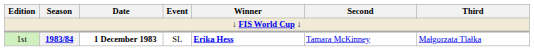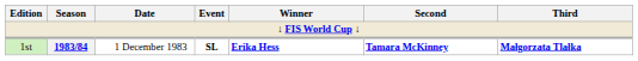 <table class="wikitable plainrowheaders" style="background:#fff; font-size:86%; line-height:15px; border:grey solid 1px; border-collapse:collapse;">
 <tr>
 <th width=50>Edition</th>
 <th width=58>Season</th>
 <th width=128>Date</th>
 <th width=40>Event</th>
 <th width=175>Winner</th>
 <th width=175>Second</th>
 <th width=175>Third</th>
 </tr>
 <tr>
 <td align=center colspan=7 bgcolor=#F0EAD6><strong>↓ <a href='#'>FIS World Cup</a> ↓</strong></td>
 </tr>
 <tr>
 <td align=center bgcolor=#D0F0C0 style="border-top-width:3px">1st</td>
 <th style="border-top-width:3px"><a href='#'>1983/84</a></th>
-<td align=right style="border-top-width:3px"><strong>1 December 1983  </strong></td>
-<td align=center style="border-top-width:3px">SL</td>
+<td align=right style="border-top-width:3px">1 December 1983  </td>
+<td align=center style="border-top-width:3px"><strong>SL</strong></td>
 <td style="border-top-width:3px"><strong> <a href='#'>Erika Hess</a></strong></td>
-<td style="border-top-width:3px"> <a href='#'>Tamara McKinney</a></td>
-<td style="border-top-width:3px"> <a href='#'>Małgorzata Tlałka</a></td>
+<td style="border-top-width:3px"><strong> <a href='#'>Tamara McKinney</a></strong></td>
+<td style="border-top-width:3px"><strong> <a href='#'>Małgorzata Tlałka</a></strong></td>
 </tr>
 </table>
